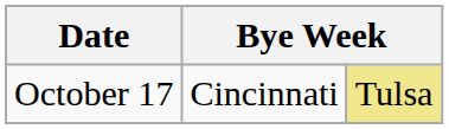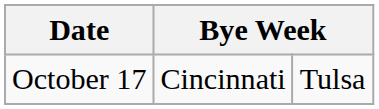 <table class="wikitable" style="font-size:95%;">
 <tr>
 <th>Date</th>
 <th colspan="2">Bye Week</th>
 </tr>
 <tr>
 <td>October 17</td>
 <td>Cincinnati</td>
-<td style="background: khaki;">Tulsa</td>
+<td>Tulsa</td>
 </tr>
 </table>
